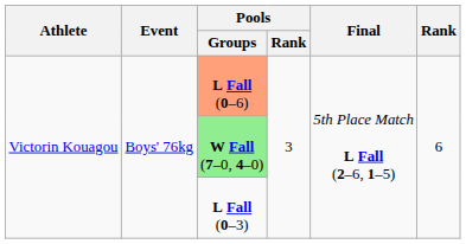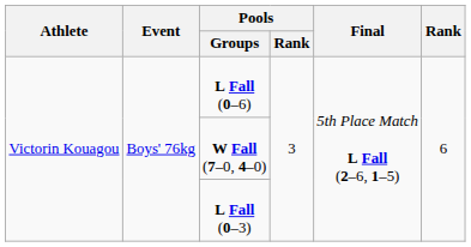 <table class="wikitable" style="text-align:left; font-size:90%">
 <tr>
 <th rowspan="2">Athlete</th>
 <th rowspan="2">Event</th>
 <th colspan="2">Pools</th>
 <th rowspan="2">Final</th>
 <th rowspan="2">Rank</th>
 </tr>
 <tr>
 <th>Groups</th>
 <th>Rank</th>
 </tr>
 <tr>
 <td rowspan="3"><a href='#'>Victorin Kouagou</a></td>
 <td rowspan="3"><a href='#'>Boys' 76kg</a></td>
-<td align=center style="background: lightsalmon;"><br><strong>L</strong> <strong><a href='#'>Fall</a></strong><br>(<strong>0</strong>–6)</td>
+<td align=center><br><strong>L</strong> <strong><a href='#'>Fall</a></strong><br>(<strong>0</strong>–6)</td>
 <td rowspan="3" align=center>3</td>
 <td align=center rowspan=3><em>5th Place Match</em><br><br><strong>L</strong> <strong><a href='#'>Fall</a></strong><br>(<strong>2</strong>–6, <strong>1</strong>–5)</td>
 <td rowspan="3" align="center">6</td>
 </tr>
 <tr>
-<td align=center style="background: lightgreen;"><br><strong>W</strong> <strong><a href='#'>Fall</a></strong><br>(<strong>7</strong>–0, <strong>4</strong>–0)</td>
+<td align=center><br><strong>W</strong> <strong><a href='#'>Fall</a></strong><br>(<strong>7</strong>–0, <strong>4</strong>–0)</td>
 </tr>
 <tr>
 <td align=center><br><strong>L</strong> <strong><a href='#'>Fall</a></strong><br>(<strong>0</strong>–3)</td>
 </tr>
 </table>
